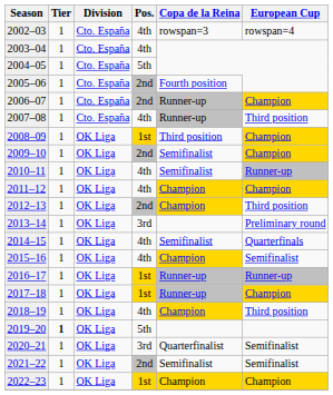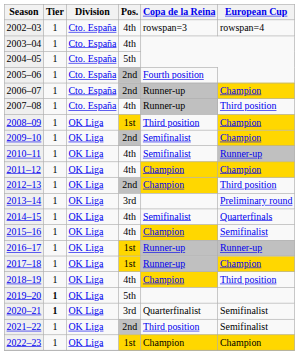 <table class="wikitable">
 <tr>
 <th>Season</th>
 <th>Tier</th>
 <th>Division</th>
 <th>Pos.</th>
 <th><a href='#'>Copa de la Reina</a></th>
 <th><a href='#'>European Cup</a></th>
 </tr>
 <tr>
 <td style="background:#efefef;">2002–03</td>
 <td align="center">1</td>
 <td><a href='#'>Cto. España</a></td>
 <td align="center">4th</td>
 <td>rowspan=3 </td>
 <td>rowspan=4 </td>
 </tr>
 <tr>
 <td style="background:#efefef;">2003–04</td>
 <td align="center">1</td>
 <td><a href='#'>Cto. España</a></td>
 <td align="center">4th</td>
 </tr>
 <tr>
 <td style="background:#efefef;">2004–05</td>
 <td align="center">1</td>
 <td><a href='#'>Cto. España</a></td>
 <td align="center">5th</td>
 </tr>
 <tr>
 <td style="background:#efefef;">2005–06</td>
 <td align="center">1</td>
 <td><a href='#'>Cto. España</a></td>
 <td style="background:silver" align="center">2nd</td>
 <td><a href='#'>Fourth position</a></td>
 </tr>
 <tr>
 <td style="background:#efefef;">2006–07</td>
 <td align="center">1</td>
 <td><a href='#'>Cto. España</a></td>
 <td style="background:silver" align="center">2nd</td>
 <td style="background:silver">Runner-up</td>
 <td style="background:gold"><a href='#'>Champion</a></td>
 </tr>
 <tr>
 <td style="background:#efefef;">2007–08</td>
 <td align="center">1</td>
 <td><a href='#'>Cto. España</a></td>
 <td align="center">4th</td>
 <td style="background:silver">Runner-up</td>
 <td><a href='#'>Third position</a></td>
 </tr>
 <tr>
 <td style="background:#efefef;"><a href='#'>2008–09</a></td>
 <td align="center">1</td>
 <td><a href='#'>OK Liga</a></td>
 <td style="background:gold" align="center">1st</td>
 <td><a href='#'>Third position</a></td>
 <td style="background:gold"><a href='#'>Champion</a></td>
 </tr>
 <tr>
 <td style="background:#efefef;"><a href='#'>2009–10</a></td>
 <td align="center">1</td>
 <td><a href='#'>OK Liga</a></td>
 <td style="background:silver" align="center">2nd</td>
 <td><a href='#'>Semifinalist</a></td>
 <td style="background:gold"><a href='#'>Champion</a></td>
 </tr>
 <tr>
 <td style="background:#efefef;"><a href='#'>2010–11</a></td>
 <td align="center">1</td>
 <td><a href='#'>OK Liga</a></td>
 <td align="center">4th</td>
 <td><a href='#'>Semifinalist</a></td>
 <td style="background:silver"><a href='#'>Runner-up</a></td>
 </tr>
 <tr>
 <td style="background:#efefef;"><a href='#'>2011–12</a></td>
 <td align="center">1</td>
 <td><a href='#'>OK Liga</a></td>
 <td align="center">4th</td>
 <td style="background:gold"><a href='#'>Champion</a></td>
 <td style="background:gold"><a href='#'>Champion</a></td>
 </tr>
 <tr>
 <td style="background:#efefef;"><a href='#'>2012–13</a></td>
 <td align="center">1</td>
 <td><a href='#'>OK Liga</a></td>
 <td style="background:silver" align="center">2nd</td>
 <td style="background:gold"><a href='#'>Champion</a></td>
 <td><a href='#'>Third position</a></td>
 </tr>
 <tr>
 <td style="background:#efefef;"><a href='#'>2013–14</a></td>
 <td align="center">1</td>
 <td><a href='#'>OK Liga</a></td>
 <td align="center">3rd</td>
 <td></td>
 <td><a href='#'>Preliminary round</a></td>
 </tr>
 <tr>
 <td style="background:#efefef;"><a href='#'>2014–15</a></td>
 <td align="center">1</td>
 <td><a href='#'>OK Liga</a></td>
 <td align="center">4th</td>
 <td><a href='#'>Semifinalist</a></td>
 <td><a href='#'>Quarterfinals</a></td>
 </tr>
 <tr>
 <td style="background:#efefef;"><a href='#'>2015–16</a></td>
 <td align="center">1</td>
 <td><a href='#'>OK Liga</a></td>
 <td align="center">4th</td>
 <td style="background:gold"><a href='#'>Champion</a></td>
 <td><a href='#'>Semifinalist</a></td>
 </tr>
 <tr>
 <td style="background:#efefef;"><a href='#'>2016–17</a></td>
 <td align="center">1</td>
 <td><a href='#'>OK Liga</a></td>
 <td align="center" bgcolor=gold>1st</td>
 <td style="background:silver"><a href='#'>Runner-up</a></td>
 <td bgcolor=silver><a href='#'>Runner-up</a></td>
 </tr>
 <tr>
 <td style="background:#efefef;"><a href='#'>2017–18</a></td>
 <td align="center">1</td>
 <td><a href='#'>OK Liga</a></td>
 <td align="center" bgcolor=gold>1st</td>
 <td style="background:silver"><a href='#'>Runner-up</a></td>
 <td bgcolor=gold><a href='#'>Champion</a></td>
 </tr>
 <tr>
 <td style="background:#efefef;"><a href='#'>2018–19</a></td>
 <td align="center">1</td>
 <td><a href='#'>OK Liga</a></td>
 <td align="center">4th</td>
 <td bgcolor=gold><a href='#'>Champion</a></td>
 <td><a href='#'>Third position</a></td>
 </tr>
 <tr>
 <td style="background:#efefef;"><a href='#'>2019–20</a></td>
 <td align="center"><strong>1</strong></td>
 <td><a href='#'>OK Liga</a></td>
 <td align="center">5th</td>
 <td></td>
 <td></td>
 </tr>
 <tr>
 <td style="background:#efefef;"><a href='#'>2020–21</a></td>
-<td align="center">1</td>
+<td align="center"><strong>1</strong></td>
 <td><a href='#'>OK Liga</a></td>
 <td align="center">3rd</td>
 <td>Quarterfinalist</td>
 <td>Semifinalist</td>
 </tr>
 <tr>
 <td style="background:#efefef;"><a href='#'>2021–22</a></td>
 <td align="center">1</td>
 <td><a href='#'>OK Liga</a></td>
 <td align="center" bgcolor=silver>2nd</td>
-<td>Semifinalist</td>
+<td><a href='#'>Third position</a></td>
 <td>Semifinalist</td>
 </tr>
 <tr>
 <td style="background:#efefef;"><a href='#'>2022–23</a></td>
 <td align="center">1</td>
 <td><a href='#'>OK Liga</a></td>
 <td align="center" bgcolor=gold>1st</td>
 <td bgcolor=gold>Champion</td>
 <td bgcolor=gold>Champion</td>
 </tr>
 <tr>
 </tr>
 </table>
